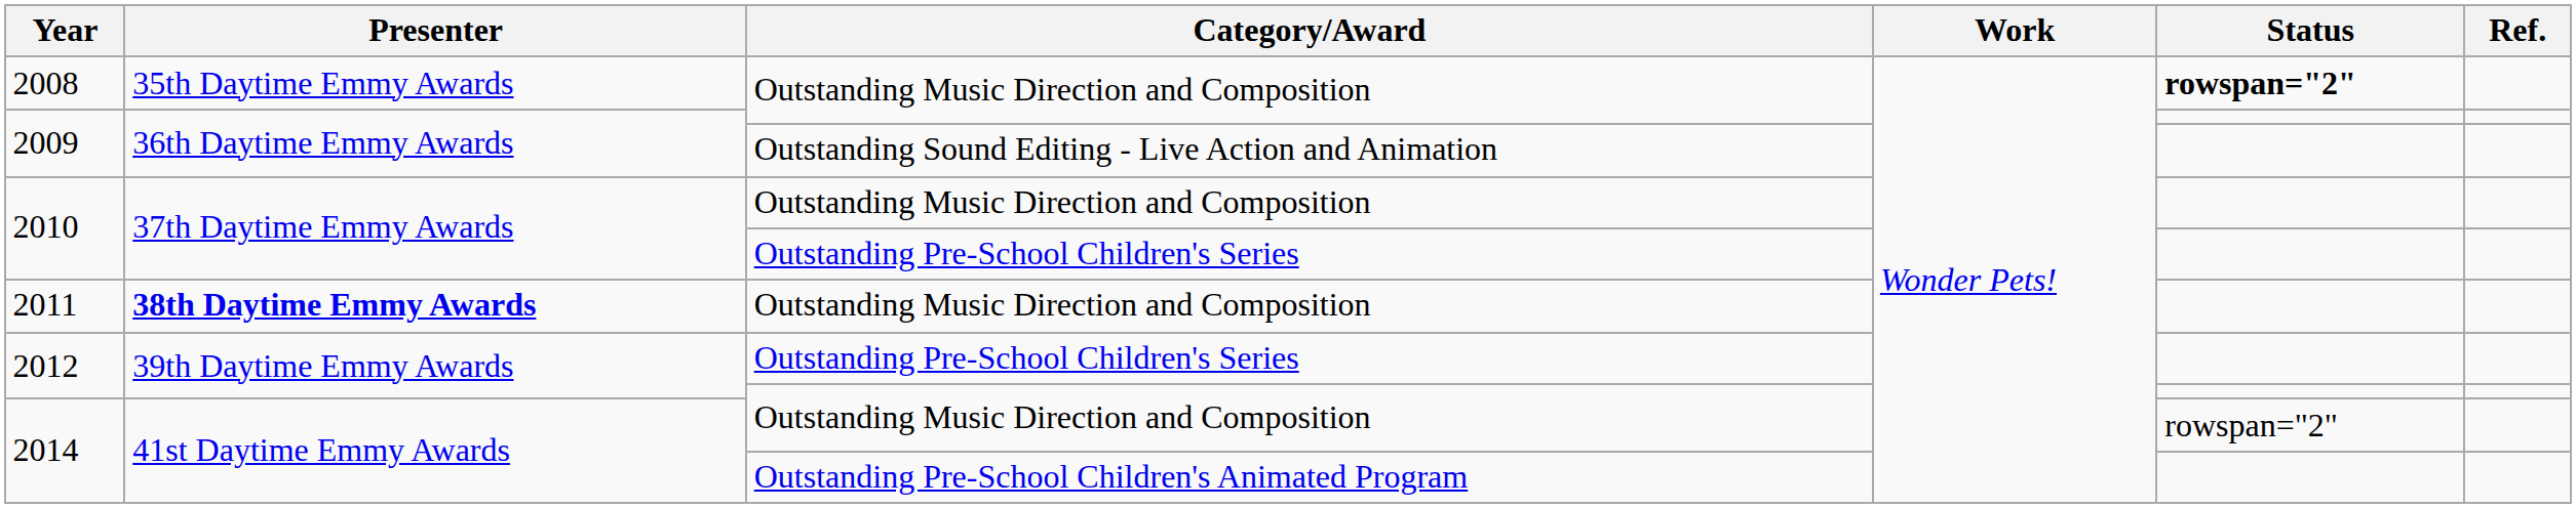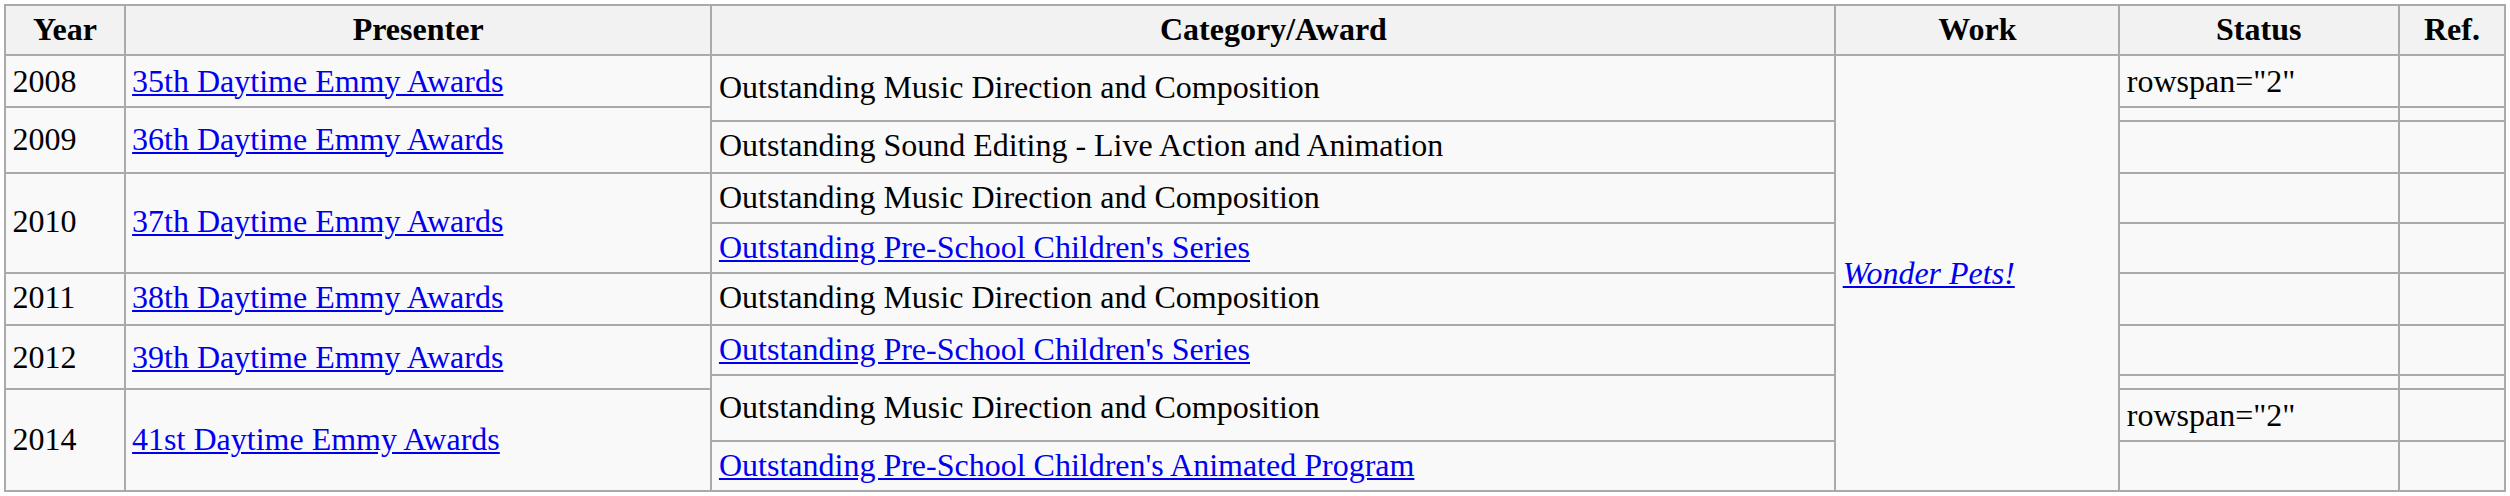 <table class="wikitable"  style="width:99%">
 <tr>
 <th>Year</th>
 <th>Presenter</th>
 <th>Category/Award</th>
 <th>Work</th>
 <th>Status</th>
 <th>Ref.</th>
 </tr>
 <tr>
 <td>2008</td>
 <td><a href='#'>35th Daytime Emmy Awards</a></td>
 <td rowspan="2">Outstanding Music Direction and Composition</td>
 <td rowspan="10"><em><a href='#'>Wonder Pets!</a></em></td>
-<td><strong>rowspan="2" </strong></td>
+<td>rowspan="2" </td>
 <td></td>
 </tr>
 <tr>
 <td rowspan="2">2009</td>
 <td rowspan="2"><a href='#'>36th Daytime Emmy Awards</a></td>
 <td></td>
 </tr>
 <tr>
 <td>Outstanding Sound Editing - Live Action and Animation</td>
 <td></td>
 <td></td>
 </tr>
 <tr>
 <td rowspan="2">2010</td>
 <td rowspan="2"><a href='#'>37th Daytime Emmy Awards</a></td>
 <td>Outstanding Music Direction and Composition</td>
 <td></td>
 <td></td>
 </tr>
 <tr>
 <td><a href='#'>Outstanding Pre-School Children's Series</a></td>
 <td></td>
 <td></td>
 </tr>
 <tr>
 <td>2011</td>
-<td><strong><a href='#'>38th Daytime Emmy Awards</a></strong></td>
+<td><a href='#'>38th Daytime Emmy Awards</a></td>
 <td>Outstanding Music Direction and Composition</td>
 <td></td>
 <td></td>
 </tr>
 <tr>
 <td rowspan="2">2012</td>
 <td rowspan="2"><a href='#'>39th Daytime Emmy Awards</a></td>
 <td><a href='#'>Outstanding Pre-School Children's Series</a></td>
 <td></td>
 <td></td>
 </tr>
 <tr>
 <td rowspan="2">Outstanding Music Direction and Composition</td>
 <td></td>
 <td></td>
 </tr>
 <tr>
 <td rowspan="2">2014</td>
 <td rowspan="2"><a href='#'>41st Daytime Emmy Awards</a></td>
 <td>rowspan="2" </td>
 <td></td>
 </tr>
 <tr>
 <td><a href='#'>Outstanding Pre-School Children's Animated Program</a></td>
 <td></td>
 </tr>
 </table>
